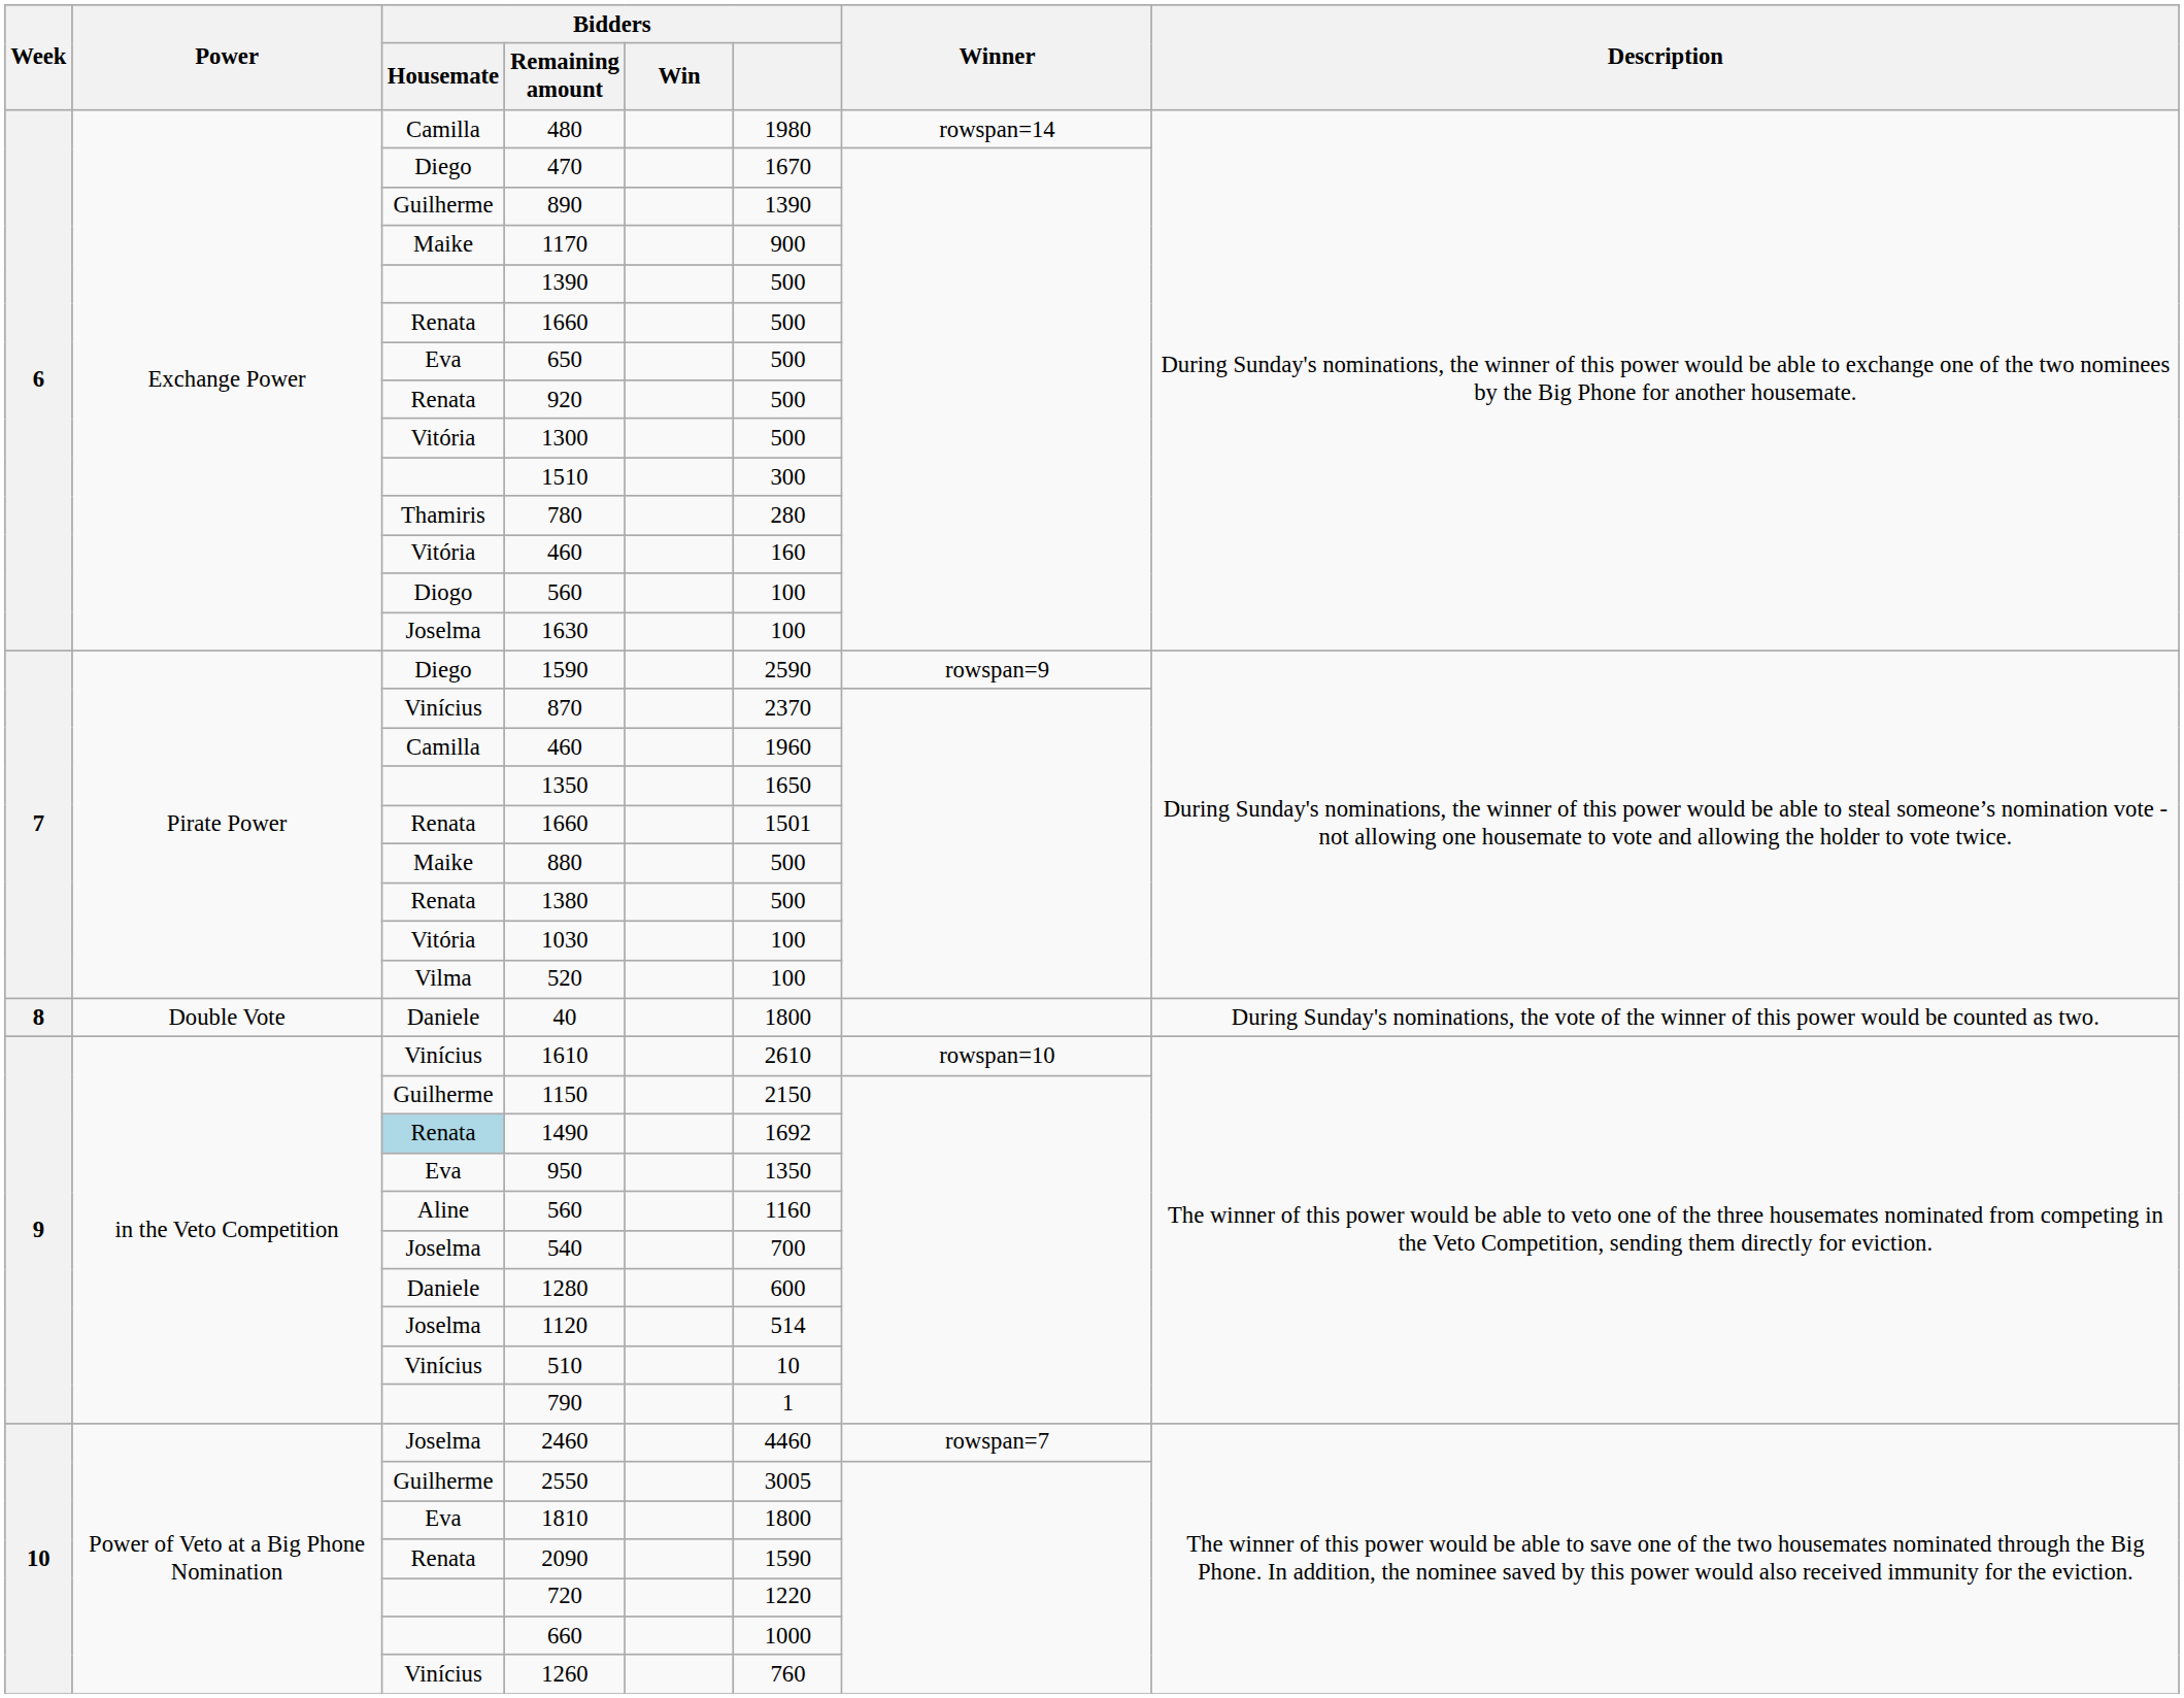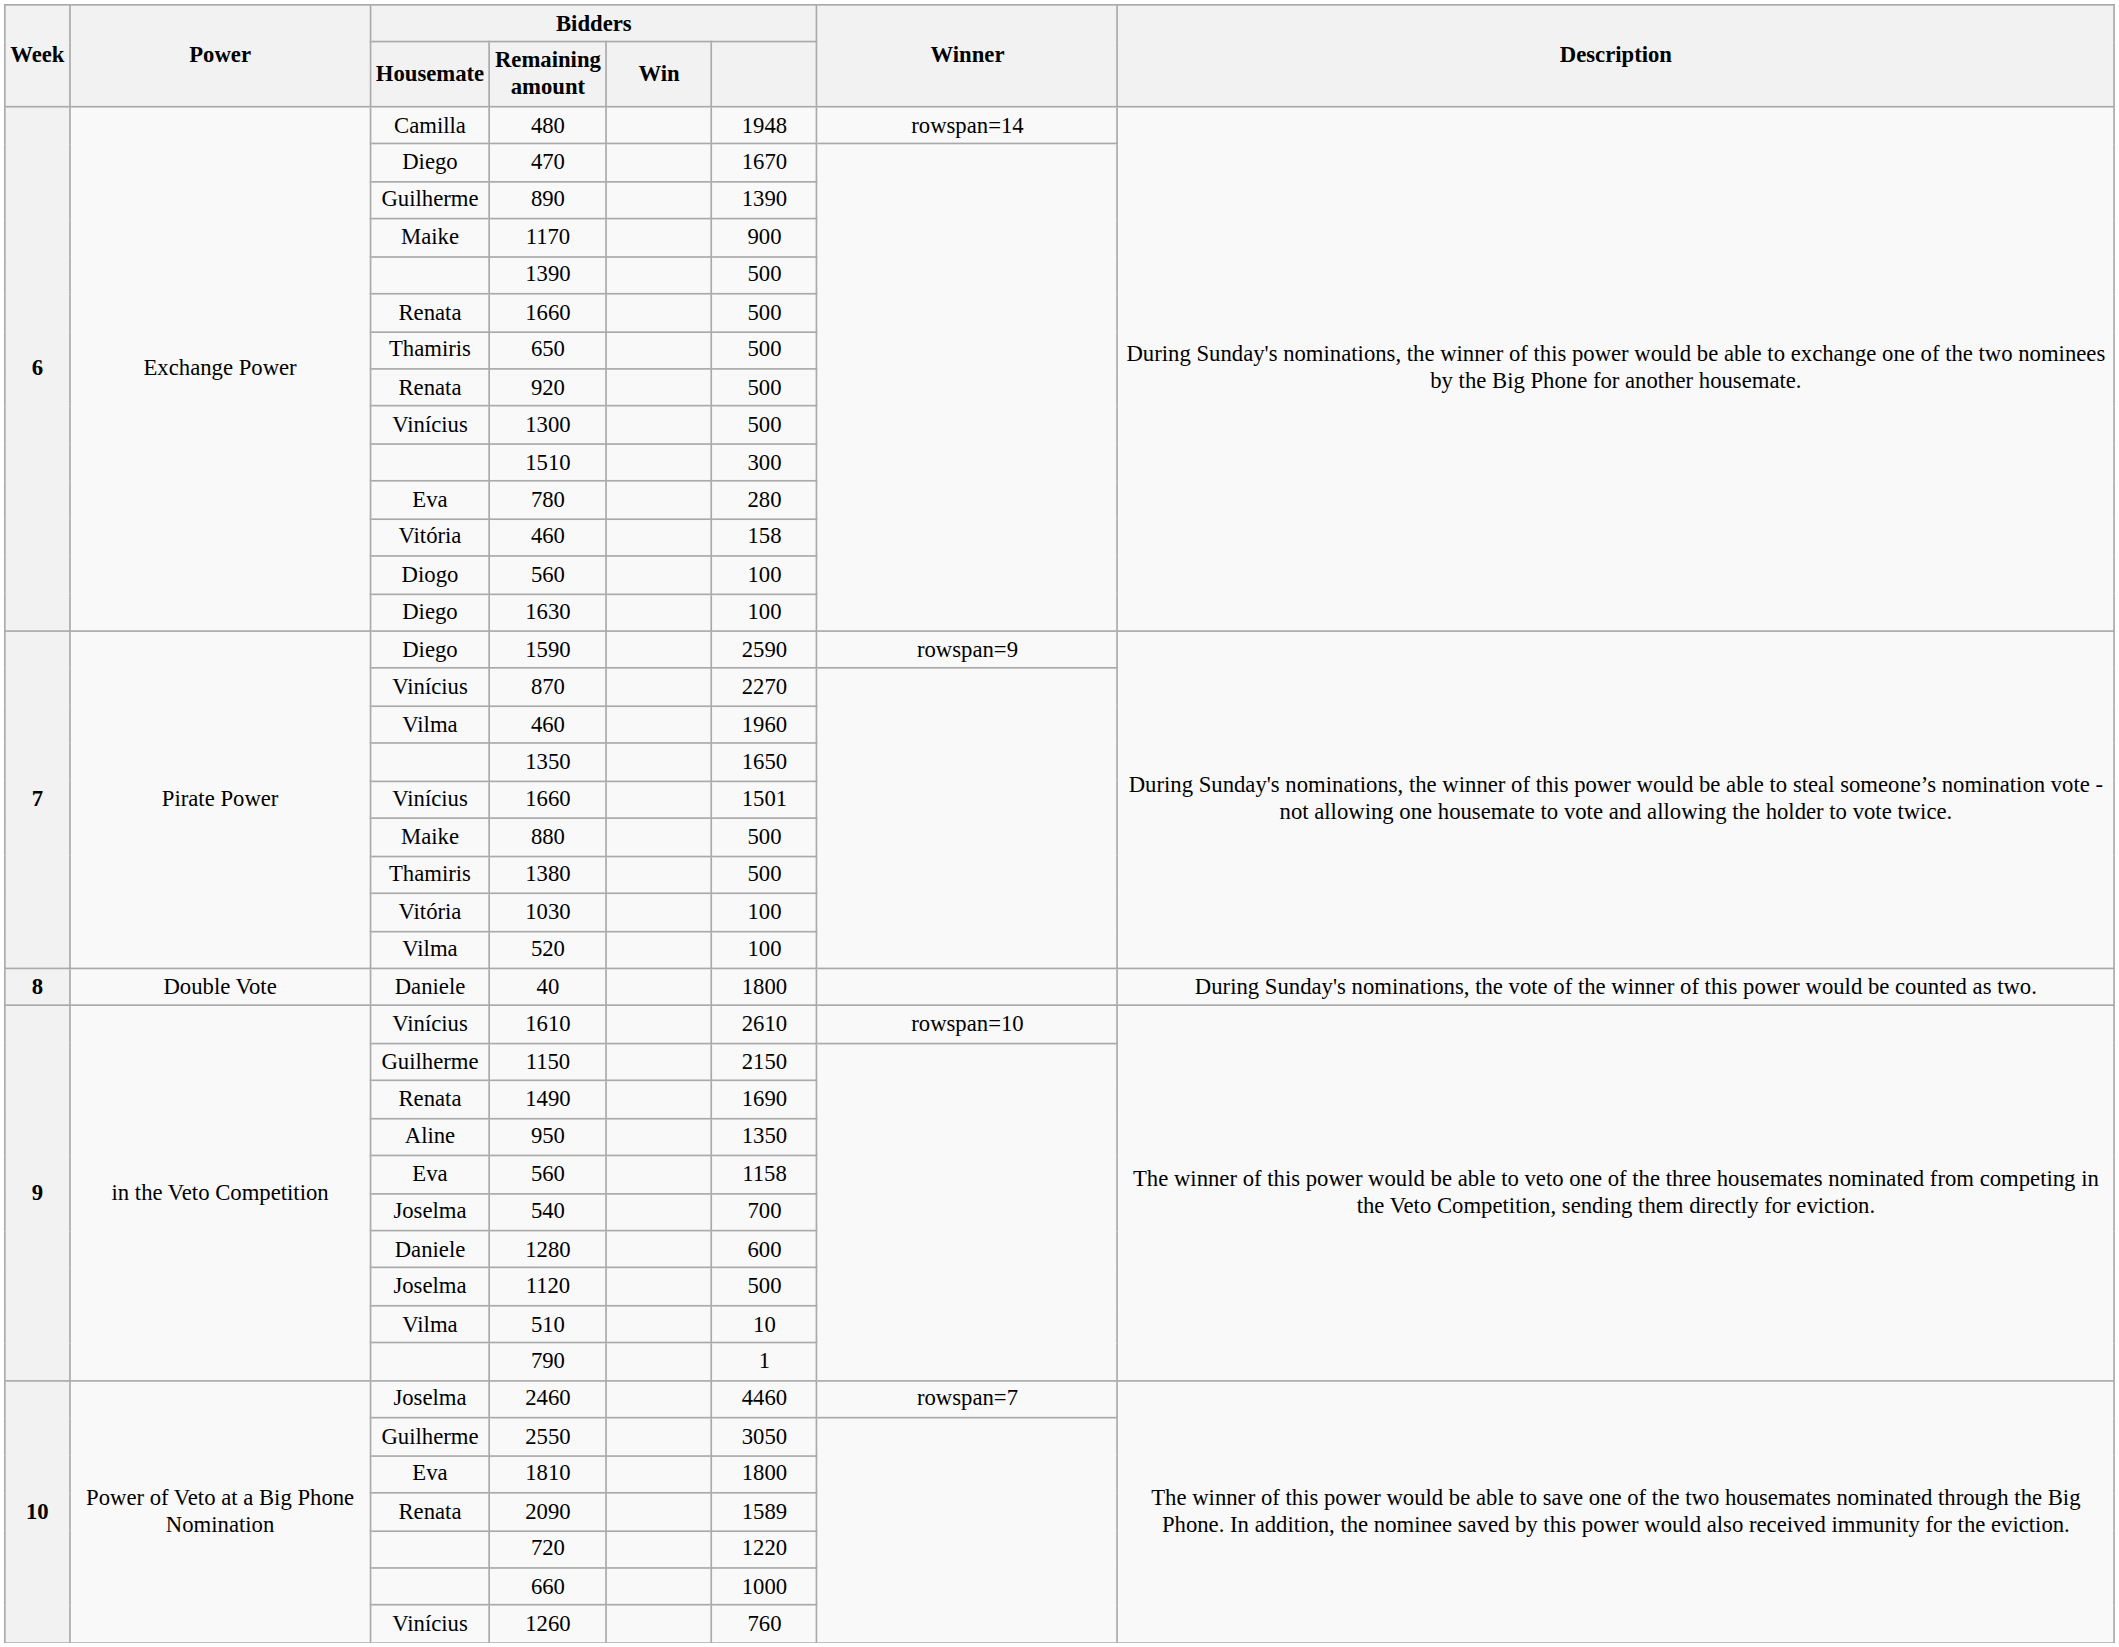 <table class="wikitable" style="text-align:center; font-size:85%; width:100%;">
 <tr>
 <th width="03.00%" rowspan=2>Week</th>
 <th width="14.25%" rowspan=2>Power</th>
 <th width="14.25%" colspan=4>Bidders</th>
 <th width="14.25%" rowspan=2>Winner</th>
 <th rowspan=2>Description</th>
 </tr>
 <tr>
 <th width="05.00%">Housemate</th>
 <th width="05.00%">Remaining amount</th>
 <th width="05.00%"> Win</th>
 <th width="05.00%"></th>
 </tr>
 <tr>
 <th rowspan=14>6</th>
 <td rowspan=14>Exchange Power</td>
 <td>Camilla</td>
 <td>480</td>
 <td></td>
-<td>1980</td>
+<td>1948</td>
 <td>rowspan=14 </td>
 <td rowspan=14>During Sunday's nominations, the winner of this power would be able to exchange one of the two nominees by the Big Phone for another housemate.</td>
 </tr>
 <tr>
 <td>Diego</td>
 <td>470</td>
 <td></td>
 <td>1670</td>
 </tr>
 <tr>
 <td>Guilherme</td>
 <td>890</td>
 <td></td>
 <td>1390</td>
 </tr>
 <tr>
 <td>Maike</td>
 <td>1170</td>
 <td></td>
 <td>900</td>
 </tr>
 <tr>
 <td></td>
 <td>1390</td>
 <td></td>
 <td>500</td>
 </tr>
 <tr>
 <td>Renata</td>
 <td>1660</td>
 <td></td>
 <td>500</td>
 </tr>
 <tr>
-<td>Eva</td>
+<td>Thamiris</td>
 <td>650</td>
 <td></td>
 <td>500</td>
 </tr>
 <tr>
 <td>Renata</td>
 <td>920</td>
 <td></td>
 <td>500</td>
 </tr>
 <tr>
-<td>Vitória</td>
+<td>Vinícius</td>
 <td>1300</td>
 <td></td>
 <td>500</td>
 </tr>
 <tr>
 <td></td>
 <td>1510</td>
 <td></td>
 <td>300</td>
 </tr>
 <tr>
-<td>Thamiris</td>
+<td>Eva</td>
 <td>780</td>
 <td></td>
 <td>280</td>
 </tr>
 <tr>
 <td>Vitória</td>
 <td>460</td>
 <td></td>
-<td>160</td>
+<td>158</td>
 </tr>
 <tr>
 <td>Diogo</td>
 <td>560</td>
 <td></td>
 <td>100</td>
 </tr>
 <tr>
-<td>Joselma</td>
+<td>Diego</td>
 <td>1630</td>
 <td></td>
 <td>100</td>
 </tr>
 <tr>
 <th rowspan=9>7</th>
 <td rowspan=9>Pirate Power</td>
 <td>Diego</td>
 <td>1590</td>
 <td></td>
 <td>2590</td>
 <td>rowspan=9 </td>
 <td rowspan=9>During Sunday's nominations, the winner of this power would be able to steal someone’s nomination vote - not allowing one housemate to vote and allowing the holder to vote twice.</td>
 </tr>
 <tr>
 <td>Vinícius</td>
 <td>870</td>
 <td></td>
-<td>2370</td>
+<td>2270</td>
 </tr>
 <tr>
-<td>Camilla</td>
+<td>Vilma</td>
 <td>460</td>
 <td></td>
 <td>1960</td>
 </tr>
 <tr>
 <td></td>
 <td>1350</td>
 <td></td>
 <td>1650</td>
 </tr>
 <tr>
-<td>Renata</td>
+<td>Vinícius</td>
 <td>1660</td>
 <td></td>
 <td>1501</td>
 </tr>
 <tr>
 <td>Maike</td>
 <td>880</td>
 <td></td>
 <td>500</td>
 </tr>
 <tr>
-<td>Renata</td>
+<td>Thamiris</td>
 <td>1380</td>
 <td></td>
 <td>500</td>
 </tr>
 <tr>
 <td>Vitória</td>
 <td>1030</td>
 <td></td>
 <td>100</td>
 </tr>
 <tr>
 <td>Vilma</td>
 <td>520</td>
 <td></td>
 <td>100</td>
 </tr>
 <tr>
 <th>8</th>
 <td>Double Vote</td>
 <td>Daniele</td>
 <td>40</td>
 <td></td>
 <td>1800</td>
 <td></td>
 <td>During Sunday's nominations, the vote of the winner of this power would be counted as two.</td>
 </tr>
 <tr>
 <th rowspan=10>9</th>
 <td rowspan=10> in the Veto Competition</td>
 <td>Vinícius</td>
 <td>1610</td>
 <td></td>
 <td>2610</td>
 <td>rowspan=10 </td>
 <td rowspan=10>The winner of this power would be able to veto one of the three housemates nominated from competing in the Veto Competition, sending them directly for eviction.</td>
 </tr>
 <tr>
 <td>Guilherme</td>
 <td>1150</td>
 <td></td>
 <td>2150</td>
 </tr>
 <tr>
-<td style="background: lightblue;">Renata</td>
+<td>Renata</td>
 <td>1490</td>
 <td></td>
-<td>1692</td>
+<td>1690</td>
 </tr>
 <tr>
-<td>Eva</td>
+<td>Aline</td>
 <td>950</td>
 <td></td>
 <td>1350</td>
 </tr>
 <tr>
-<td>Aline</td>
+<td>Eva</td>
 <td>560</td>
 <td></td>
-<td>1160</td>
+<td>1158</td>
 </tr>
 <tr>
 <td>Joselma</td>
 <td>540</td>
 <td></td>
 <td>700</td>
 </tr>
 <tr>
 <td>Daniele</td>
 <td>1280</td>
 <td></td>
 <td>600</td>
 </tr>
 <tr>
 <td>Joselma</td>
 <td>1120</td>
 <td></td>
-<td>514</td>
+<td>500</td>
 </tr>
 <tr>
-<td>Vinícius</td>
+<td>Vilma</td>
 <td>510</td>
 <td></td>
 <td>10</td>
 </tr>
 <tr>
 <td></td>
 <td>790</td>
 <td></td>
 <td>1</td>
 </tr>
 <tr>
 <th rowspan=7>10</th>
 <td rowspan=7>Power of Veto at a Big Phone Nomination</td>
 <td>Joselma</td>
 <td>2460</td>
 <td></td>
 <td>4460</td>
 <td>rowspan=7 </td>
 <td rowspan=7>The winner of this power would be able to save one of the two housemates nominated through the Big Phone. In addition, the nominee saved by this power would also received immunity for the eviction.</td>
 </tr>
 <tr>
 <td>Guilherme</td>
 <td>2550</td>
 <td></td>
-<td>3005</td>
+<td>3050</td>
 </tr>
 <tr>
 <td>Eva</td>
 <td>1810</td>
 <td></td>
 <td>1800</td>
 </tr>
 <tr>
 <td>Renata</td>
 <td>2090</td>
 <td></td>
-<td>1590</td>
+<td>1589</td>
 </tr>
 <tr>
 <td></td>
 <td>720</td>
 <td></td>
 <td>1220</td>
 </tr>
 <tr>
 <td></td>
 <td>660</td>
 <td></td>
 <td>1000</td>
 </tr>
 <tr>
 <td>Vinícius</td>
 <td>1260</td>
 <td></td>
 <td>760</td>
 </tr>
 </table>
